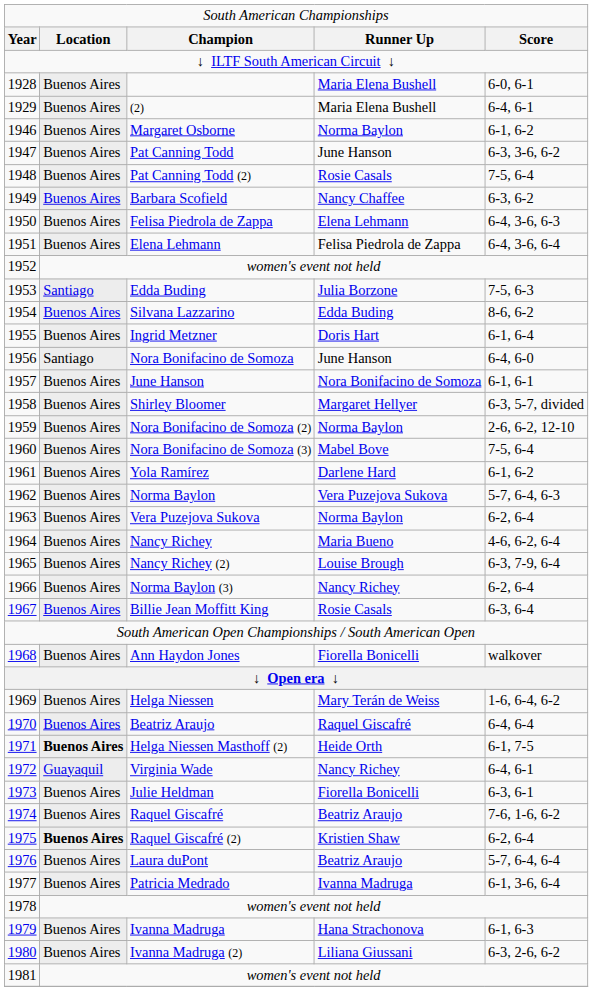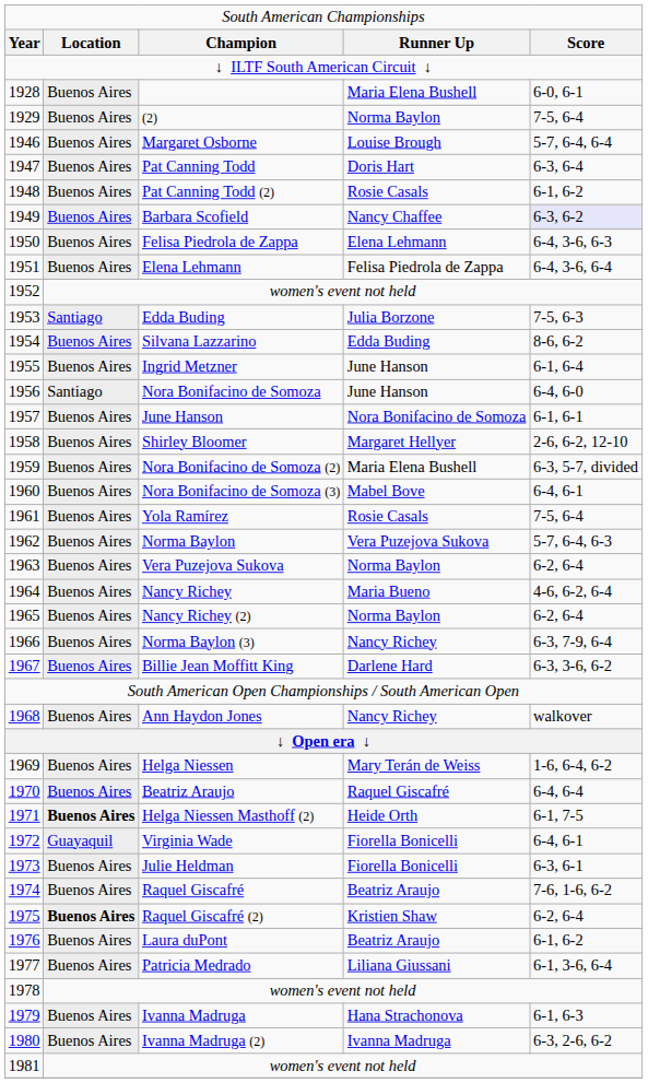 <table class="wikitable sortable">
 <tr>
 <td colspan=5 align=center><em>South American Championships</em></td>
 </tr>
 <tr>
 <th>Year</th>
 <th>Location</th>
 <th>Champion</th>
 <th>Runner Up</th>
 <th>Score</th>
 </tr>
 <tr>
 <td colspan=5 align=center>↓  <a href='#'>ILTF South American Circuit</a>  ↓</td>
 </tr>
 <tr>
 <td>1928</td>
 <td style="background:#ededed">Buenos Aires</td>
 <td> </td>
 <td> <a href='#'>Maria Elena Bushell</a></td>
 <td>6-0, 6-1</td>
 </tr>
 <tr>
 <td>1929</td>
 <td style="background:#ededed">Buenos Aires</td>
 <td>  <small>(2)</small></td>
-<td> Maria Elena Bushell</td>
-<td>6-4, 6-1</td>
+<td> <a href='#'>Norma Baylon</a></td>
+<td>7-5, 6-4</td>
 </tr>
 <tr>
 <td>1946</td>
 <td style="background:#ededed">Buenos Aires</td>
 <td> <a href='#'>Margaret Osborne</a></td>
-<td> <a href='#'>Norma Baylon</a></td>
-<td>6-1, 6-2</td>
+<td> <a href='#'>Louise Brough</a></td>
+<td>5-7, 6-4, 6-4</td>
 </tr>
 <tr>
 <td>1947</td>
 <td style="background:#ededed">Buenos Aires</td>
 <td> <a href='#'>Pat Canning Todd</a></td>
-<td> June Hanson</td>
-<td>6-3, 3-6, 6-2</td>
+<td> <a href='#'>Doris Hart</a></td>
+<td>6-3, 6-4</td>
 </tr>
 <tr>
 <td>1948</td>
 <td style="background:#ededed">Buenos Aires</td>
 <td> <a href='#'>Pat Canning Todd</a> <small>(2)</small></td>
 <td> <a href='#'>Rosie Casals</a></td>
-<td>7-5, 6-4</td>
+<td>6-1, 6-2</td>
 </tr>
 <tr>
 <td>1949</td>
 <td style="background:#ededed"><a href='#'>Buenos Aires</a></td>
 <td> <a href='#'>Barbara Scofield</a></td>
 <td> <a href='#'>Nancy Chaffee</a></td>
-<td>6-3, 6-2</td>
+<td style="background: lavender;">6-3, 6-2</td>
 </tr>
 <tr>
 <td>1950</td>
 <td style="background:#ededed">Buenos Aires</td>
 <td> <a href='#'>Felisa Piedrola de Zappa</a></td>
 <td> <a href='#'>Elena Lehmann</a></td>
 <td>6-4, 3-6, 6-3</td>
 </tr>
 <tr>
 <td>1951</td>
 <td style="background:#ededed">Buenos Aires</td>
 <td> <a href='#'>Elena Lehmann</a></td>
 <td> Felisa Piedrola de Zappa</td>
 <td>6-4, 3-6, 6-4</td>
 </tr>
 <tr>
 <td>1952</td>
 <td colspan=4 align=center><em>women's event not held</em></td>
 </tr>
 <tr>
 <td>1953</td>
 <td style="background:#ededed"><a href='#'>Santiago</a></td>
 <td> <a href='#'>Edda Buding</a></td>
 <td> <a href='#'>Julia Borzone</a></td>
 <td>7-5, 6-3</td>
 </tr>
 <tr>
 <td>1954</td>
 <td style="background:#ededed"><a href='#'>Buenos Aires</a></td>
 <td> <a href='#'>Silvana Lazzarino</a></td>
 <td> <a href='#'>Edda Buding</a></td>
 <td>8-6, 6-2</td>
 </tr>
 <tr>
 <td>1955</td>
 <td style="background:#ededed">Buenos Aires</td>
 <td> <a href='#'>Ingrid Metzner</a></td>
-<td> <a href='#'>Doris Hart</a></td>
+<td> June Hanson</td>
 <td>6-1, 6-4</td>
 </tr>
 <tr>
 <td>1956</td>
 <td style="background:#ededed">Santiago</td>
 <td> <a href='#'>Nora Bonifacino de Somoza</a></td>
 <td> June Hanson</td>
 <td>6-4, 6-0</td>
 </tr>
 <tr>
 <td>1957</td>
 <td style="background:#ededed">Buenos Aires</td>
 <td> <a href='#'>June Hanson</a></td>
 <td> <a href='#'>Nora Bonifacino de Somoza</a></td>
 <td>6-1, 6-1</td>
 </tr>
 <tr>
 <td>1958</td>
 <td style="background:#ededed">Buenos Aires</td>
 <td> <a href='#'>Shirley Bloomer</a></td>
 <td> <a href='#'>Margaret Hellyer</a></td>
-<td>6-3, 5-7, divided</td>
+<td>2-6, 6-2, 12-10</td>
 </tr>
 <tr>
 <td>1959</td>
 <td style="background:#ededed">Buenos Aires</td>
 <td> <a href='#'>Nora Bonifacino de Somoza</a> <small>(2)</small></td>
-<td> <a href='#'>Norma Baylon</a></td>
-<td>2-6, 6-2, 12-10</td>
+<td> Maria Elena Bushell</td>
+<td>6-3, 5-7, divided</td>
 </tr>
 <tr>
 <td>1960</td>
 <td style="background:#ededed">Buenos Aires</td>
 <td> <a href='#'>Nora Bonifacino de Somoza</a> <small>(3)</small></td>
 <td> <a href='#'>Mabel Bove</a></td>
-<td>7-5, 6-4</td>
+<td>6-4, 6-1</td>
 </tr>
 <tr>
 <td>1961</td>
 <td style="background:#ededed">Buenos Aires</td>
 <td> <a href='#'>Yola Ramírez</a></td>
-<td> <a href='#'>Darlene Hard</a></td>
-<td>6-1, 6-2</td>
+<td> <a href='#'>Rosie Casals</a></td>
+<td>7-5, 6-4</td>
 </tr>
 <tr>
 <td>1962</td>
 <td style="background:#ededed">Buenos Aires</td>
 <td> <a href='#'>Norma Baylon</a></td>
 <td> <a href='#'>Vera Puzejova Sukova</a></td>
 <td>5-7, 6-4, 6-3</td>
 </tr>
 <tr>
 <td>1963</td>
 <td style="background:#ededed">Buenos Aires</td>
 <td> <a href='#'>Vera Puzejova Sukova</a></td>
 <td> <a href='#'>Norma Baylon</a></td>
 <td>6-2, 6-4</td>
 </tr>
 <tr>
 <td>1964</td>
 <td style="background:#ededed">Buenos Aires</td>
 <td> <a href='#'>Nancy Richey</a></td>
 <td> <a href='#'>Maria Bueno</a></td>
 <td>4-6, 6-2, 6-4</td>
 </tr>
 <tr>
 <td>1965</td>
 <td style="background:#ededed">Buenos Aires</td>
 <td> <a href='#'>Nancy Richey</a> <small>(2)</small></td>
-<td> <a href='#'>Louise Brough</a></td>
-<td>6-3, 7-9, 6-4</td>
+<td> <a href='#'>Norma Baylon</a></td>
+<td>6-2, 6-4</td>
 </tr>
 <tr>
 <td>1966</td>
 <td style="background:#ededed">Buenos Aires</td>
 <td> <a href='#'>Norma Baylon</a> <small>(3)</small></td>
 <td> <a href='#'>Nancy Richey</a></td>
-<td>6-2, 6-4</td>
+<td>6-3, 7-9, 6-4</td>
 </tr>
 <tr>
 <td><a href='#'>1967</a></td>
 <td style="background:#ededed"><a href='#'>Buenos Aires</a></td>
 <td> <a href='#'>Billie Jean Moffitt King</a></td>
-<td> <a href='#'>Rosie Casals</a></td>
-<td>6-3, 6-4</td>
+<td> <a href='#'>Darlene Hard</a></td>
+<td>6-3, 3-6, 6-2</td>
 </tr>
 <tr>
 <td colspan=5 align=center><em>South American Open Championships / South American Open</em></td>
 </tr>
 <tr>
 <td><a href='#'>1968</a></td>
 <td style="background:#ededed">Buenos Aires</td>
 <td> <a href='#'>Ann Haydon Jones</a></td>
-<td> <a href='#'>Fiorella Bonicelli</a></td>
+<td> <a href='#'>Nancy Richey</a></td>
 <td>walkover</td>
 </tr>
 <tr>
 <th colspan=5 align=center>↓  <a href='#'>Open era</a>  ↓</th>
 </tr>
 <tr>
 <td>1969</td>
 <td style="background:#ededed">Buenos Aires</td>
 <td> <a href='#'>Helga Niessen</a></td>
 <td> <a href='#'>Mary Terán de Weiss</a></td>
 <td>1-6, 6-4, 6-2</td>
 </tr>
 <tr>
 <td><a href='#'>1970</a></td>
 <td style="background:#ededed"><a href='#'>Buenos Aires</a></td>
 <td> <a href='#'>Beatriz Araujo</a></td>
 <td> <a href='#'>Raquel Giscafré</a></td>
 <td>6-4, 6-4</td>
 </tr>
 <tr>
 <td><a href='#'>1971</a></td>
 <td style="background:#ededed"><strong>Buenos Aires</strong></td>
 <td> <a href='#'>Helga Niessen Masthoff</a> <small>(2)</small></td>
 <td> <a href='#'>Heide Orth</a></td>
 <td>6-1, 7-5</td>
 </tr>
 <tr>
 <td><a href='#'>1972</a></td>
 <td style="background:#ededed"><a href='#'>Guayaquil</a></td>
 <td> <a href='#'>Virginia Wade</a></td>
-<td> <a href='#'>Nancy Richey</a></td>
+<td> <a href='#'>Fiorella Bonicelli</a></td>
 <td>6-4, 6-1</td>
 </tr>
 <tr>
 <td><a href='#'>1973</a></td>
 <td style="background:#ededed">Buenos Aires</td>
 <td> <a href='#'>Julie Heldman</a></td>
 <td> <a href='#'>Fiorella Bonicelli</a></td>
 <td>6-3, 6-1</td>
 </tr>
 <tr>
 <td><a href='#'>1974</a></td>
 <td style="background:#ededed">Buenos Aires</td>
 <td> <a href='#'>Raquel Giscafré</a></td>
 <td> <a href='#'>Beatriz Araujo</a></td>
 <td>7-6, 1-6, 6-2</td>
 </tr>
 <tr>
 <td><a href='#'>1975</a></td>
 <td style="background:#ededed"><strong>Buenos Aires</strong></td>
 <td> <a href='#'>Raquel Giscafré</a> <small>(2)</small></td>
 <td> <a href='#'>Kristien Shaw</a></td>
 <td>6-2, 6-4</td>
 </tr>
 <tr>
 <td><a href='#'>1976</a></td>
 <td style="background:#ededed">Buenos Aires</td>
 <td> <a href='#'>Laura duPont</a></td>
 <td> <a href='#'>Beatriz Araujo</a></td>
-<td>5-7, 6-4, 6-4</td>
+<td>6-1, 6-2</td>
 </tr>
 <tr>
 <td>1977</td>
 <td style="background:#ededed">Buenos Aires</td>
 <td> <a href='#'>Patricia Medrado</a></td>
-<td> <a href='#'>Ivanna Madruga</a></td>
+<td> <a href='#'>Liliana Giussani</a></td>
 <td>6-1, 3-6, 6-4</td>
 </tr>
 <tr>
 <td>1978</td>
 <td colspan=4 align=center><em>women's event not held</em></td>
 </tr>
 <tr>
 <td><a href='#'>1979</a></td>
 <td style="background:#ededed">Buenos Aires</td>
 <td> <a href='#'>Ivanna Madruga</a></td>
 <td> <a href='#'>Hana Strachonova</a></td>
 <td>6-1, 6-3</td>
 </tr>
 <tr>
 <td><a href='#'>1980</a></td>
 <td style="background:#ededed">Buenos Aires</td>
 <td> <a href='#'>Ivanna Madruga</a> <small>(2)</small></td>
-<td> <a href='#'>Liliana Giussani</a></td>
+<td> <a href='#'>Ivanna Madruga</a></td>
 <td>6-3, 2-6, 6-2</td>
 </tr>
 <tr>
 <td>1981</td>
 <td colspan=4 align=center><em>women's event not held</em></td>
 </tr>
 <tr>
 </tr>
 </table>
